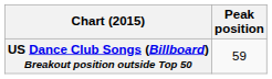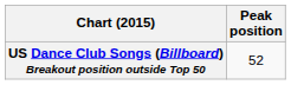 <table class="wikitable sortable plainrowheaders" style="text-align:center">
 <tr>
 <th scope="col">Chart (2015)</th>
 <th scope="col">Peak<br> position</th>
 </tr>
 <tr>
 <th scope="row">US <a href='#'>Dance Club Songs</a> (<em><a href='#'>Billboard</a></em>)<br><small><em>Breakout position outside Top 50</em></small></th>
-<td>59</td>
+<td>52</td>
 </tr>
 </table>
